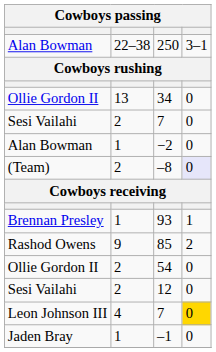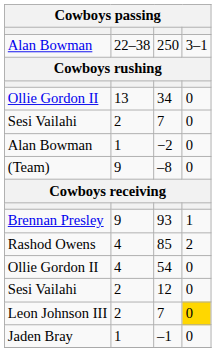 <table class="wikitable plainrowheaders">
 <tr>
 <th colspan="6">Cowboys passing</th>
 </tr>
 <tr>
 <th scope="col"></th>
 <th scope="col"></th>
 <th scope="col"></th>
 <th scope="col"></th>
 </tr>
 <tr>
 <td><a href='#'>Alan Bowman</a></td>
 <td>22–38</td>
 <td>250</td>
 <td>3–1</td>
 </tr>
 <tr>
 <th colspan="6">Cowboys rushing</th>
 </tr>
 <tr>
 <th scope="col"></th>
 <th scope="col"></th>
 <th scope="col"></th>
 <th scope="col"></th>
 </tr>
 <tr>
 <td><a href='#'>Ollie Gordon II</a></td>
 <td>13</td>
 <td>34</td>
 <td>0</td>
 </tr>
 <tr>
 <td>Sesi Vailahi</td>
 <td>2</td>
 <td>7</td>
 <td>0</td>
 </tr>
 <tr>
 <td>Alan Bowman</td>
 <td>1</td>
 <td>−2</td>
 <td>0</td>
 </tr>
 <tr>
 <td>(Team)</td>
-<td>2</td>
+<td>9</td>
 <td>–8</td>
-<td style="background: lavender;">0</td>
+<td>0</td>
 </tr>
 <tr>
 <th colspan="6">Cowboys receiving</th>
 </tr>
 <tr>
 <th scope="col"></th>
 <th scope="col"></th>
 <th scope="col"></th>
 <th scope="col"></th>
 </tr>
 <tr>
 <td><a href='#'>Brennan Presley</a></td>
-<td>1</td>
+<td>9</td>
 <td>93</td>
 <td>1</td>
 </tr>
 <tr>
 <td>Rashod Owens</td>
-<td>9</td>
+<td>4</td>
 <td>85</td>
 <td>2</td>
 </tr>
 <tr>
 <td>Ollie Gordon II</td>
-<td>2</td>
+<td>4</td>
 <td>54</td>
 <td>0</td>
 </tr>
 <tr>
 <td>Sesi Vailahi</td>
 <td>2</td>
 <td>12</td>
 <td>0</td>
 </tr>
 <tr>
 <td>Leon Johnson III</td>
-<td>4</td>
+<td>2</td>
 <td>7</td>
 <td style="background: gold;">0</td>
 </tr>
 <tr>
 <td>Jaden Bray</td>
 <td>1</td>
 <td>–1</td>
 <td>0</td>
 </tr>
 <tr>
 </tr>
 </table>
